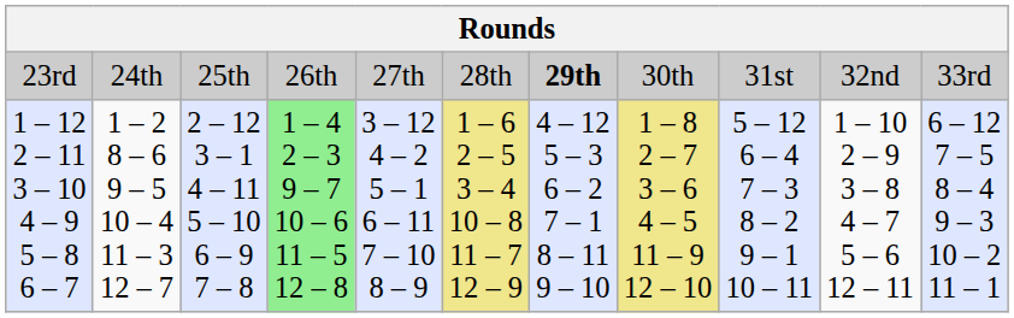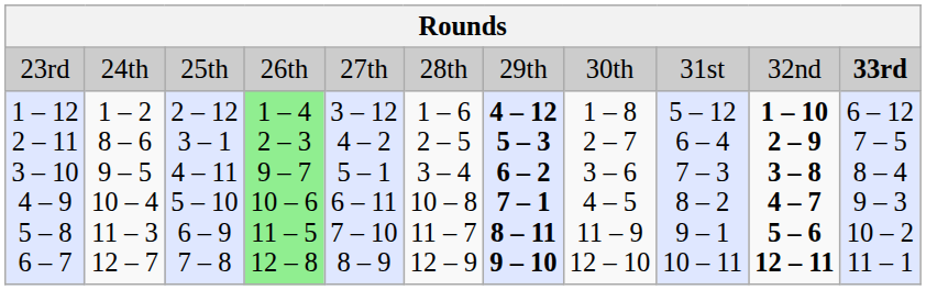 <table class="wikitable">
 <tr>
 <th colspan="11">Rounds</th>
 </tr>
 <tr>
 <td align="center" bgcolor="#CCCCCC">23rd</td>
 <td align="center" bgcolor="#CCCCCC">24th</td>
 <td align="center" bgcolor="#CCCCCC">25th</td>
 <td align="center" bgcolor="#CCCCCC">26th</td>
 <td align="center" bgcolor="#CCCCCC">27th</td>
 <td align="center" bgcolor="#CCCCCC">28th</td>
-<td align="center" bgcolor="#CCCCCC"><strong>29th</strong></td>
+<td align="center" bgcolor="#CCCCCC">29th</td>
 <td align="center" bgcolor="#CCCCCC">30th</td>
 <td align="center" bgcolor="#CCCCCC">31st</td>
 <td align="center" bgcolor="#CCCCCC">32nd</td>
-<td align="center" bgcolor="#CCCCCC">33rd</td>
+<td align="center" bgcolor="#CCCCCC"><strong>33rd</strong></td>
 </tr>
 <tr>
 <td align="center" bgcolor="#DFE7FF">1 – 12<br>2 – 11<br>3 – 10<br>4 – 9<br>5 – 8<br>6 – 7</td>
 <td align="center">1 – 2<br>8 – 6<br>9 – 5<br>10 – 4<br>11 – 3<br>12 – 7</td>
 <td align="center" bgcolor="#DFE7FF">2 – 12<br>3 – 1<br>4 – 11<br>5 – 10<br>6 – 9<br>7 – 8</td>
 <td align="center" style="background: lightgreen;">1 – 4<br>2 – 3<br>9 – 7<br>10 – 6<br>11 – 5<br>12 – 8</td>
 <td align="center" bgcolor="#DFE7FF">3 – 12<br>4 – 2<br>5 – 1<br>6 – 11<br>7 – 10<br>8 – 9</td>
-<td align="center" style="background: khaki;">1 – 6<br>2 – 5<br>3 – 4<br>10 – 8<br>11 – 7<br>12 – 9</td>
-<td align="center" bgcolor="#DFE7FF">4 – 12<br>5 – 3<br>6 – 2<br>7 – 1<br>8 – 11<br>9 – 10</td>
-<td align="center" style="background: khaki;">1 – 8<br>2 – 7<br>3 – 6<br>4 – 5<br>11 – 9<br>12 – 10</td>
+<td align="center">1 – 6<br>2 – 5<br>3 – 4<br>10 – 8<br>11 – 7<br>12 – 9</td>
+<td align="center" bgcolor="#DFE7FF"><strong>4 – 12<br>5 – 3<br>6 – 2<br>7 – 1<br>8 – 11<br>9 – 10</strong></td>
+<td align="center">1 – 8<br>2 – 7<br>3 – 6<br>4 – 5<br>11 – 9<br>12 – 10</td>
 <td align="center" bgcolor="#DFE7FF">5 – 12<br>6 – 4<br>7 – 3<br>8 – 2<br>9 – 1<br>10 – 11</td>
-<td align="center">1 – 10<br>2 – 9<br>3 – 8<br>4 – 7<br>5 – 6<br>12 – 11</td>
+<td align="center"><strong>1 – 10<br>2 – 9<br>3 – 8<br>4 – 7<br>5 – 6<br>12 – 11</strong></td>
 <td align="center" bgcolor="#DFE7FF">6 – 12<br>7 – 5<br>8 – 4<br>9 – 3<br>10 – 2<br>11 – 1</td>
 </tr>
 </table>
